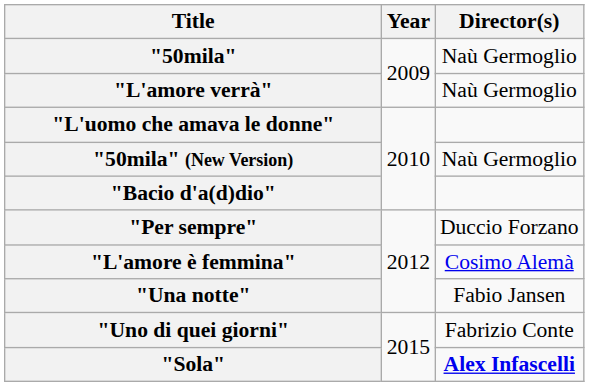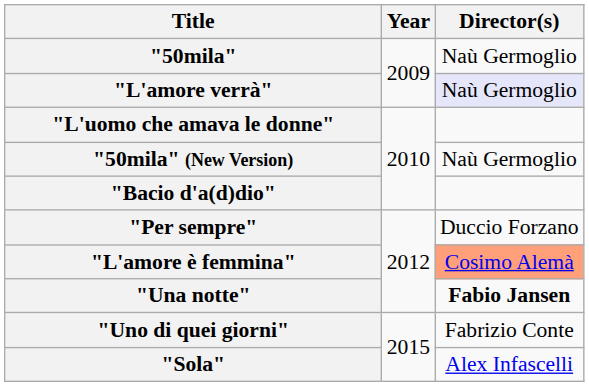 <table class="wikitable plainrowheaders" style="text-align:center;">
 <tr>
 <th scope="col" style="width:17em;">Title</th>
 <th scope="col" style="width:1em;">Year</th>
 <th scope="col">Director(s)</th>
 </tr>
 <tr>
 <th scope="row">"50mila"</th>
 <td rowspan="2">2009</td>
 <td>Naù Germoglio</td>
 </tr>
 <tr>
 <th scope="row">"L'amore verrà"</th>
-<td>Naù Germoglio</td>
+<td style="background: lavender;">Naù Germoglio</td>
 </tr>
 <tr>
 <th scope="row">"L'uomo che amava le donne"</th>
 <td rowspan="3">2010</td>
 <td></td>
 </tr>
 <tr>
 <th scope="row">"50mila" <small>(New Version)</small></th>
 <td>Naù Germoglio</td>
 </tr>
 <tr>
 <th scope="row">"Bacio d'a(d)dio"</th>
 <td></td>
 </tr>
 <tr>
 <th scope="row">"Per sempre"</th>
 <td rowspan="3">2012</td>
 <td>Duccio Forzano</td>
 </tr>
 <tr>
 <th scope="row">"L'amore è femmina"</th>
-<td><a href='#'>Cosimo Alemà</a></td>
+<td style="background: lightsalmon;"><a href='#'>Cosimo Alemà</a></td>
 </tr>
 <tr>
 <th scope="row">"Una notte"</th>
-<td>Fabio Jansen</td>
+<td><strong>Fabio Jansen</strong></td>
 </tr>
 <tr>
 <th scope="row">"Uno di quei giorni"</th>
 <td rowspan="2">2015</td>
 <td>Fabrizio Conte</td>
 </tr>
 <tr>
 <th scope="row">"Sola"</th>
-<td><strong><a href='#'>Alex Infascelli</a></strong></td>
+<td><a href='#'>Alex Infascelli</a></td>
 </tr>
 </table>
